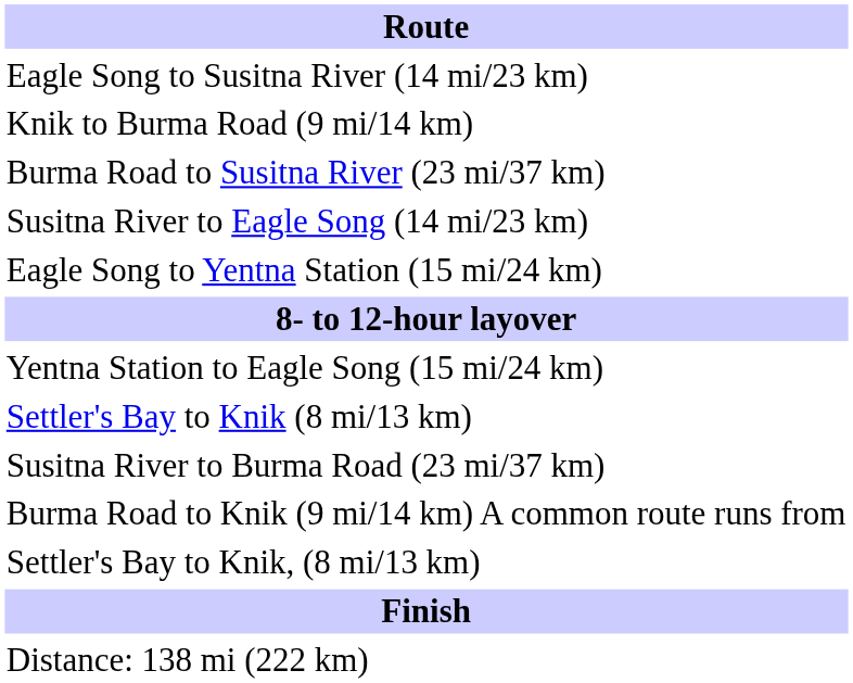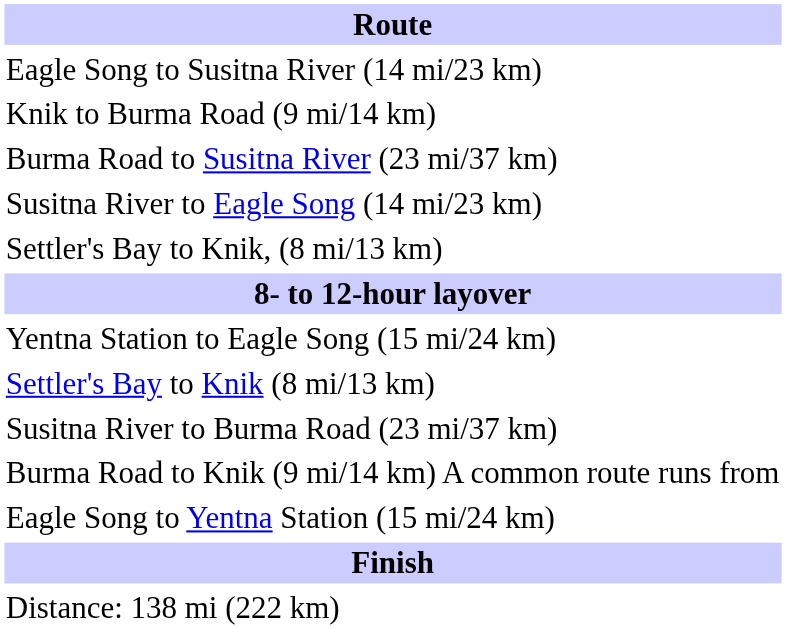 <table align="right" class="toccolours" style="margin: 0 .4em; font-size: 95%">
 <tr>
 <th align=center style="background: #ccf">Route</th>
 </tr>
 <tr>
 <td>Eagle Song to Susitna River (14 mi/23 km)</td>
 </tr>
 <tr>
 <td>Knik to Burma Road (9 mi/14 km)</td>
 </tr>
 <tr>
 <td>Burma Road to <a href='#'>Susitna River</a> (23 mi/37 km)</td>
 </tr>
 <tr>
 <td>Susitna River to <a href='#'>Eagle Song</a> (14 mi/23 km)</td>
 </tr>
 <tr>
-<td>Eagle Song to <a href='#'>Yentna</a> Station (15 mi/24 km)</td>
+<td>Settler's Bay to Knik, (8 mi/13 km)</td>
 </tr>
 <tr>
 <th align=center style="background: #ccf">8- to 12-hour layover</th>
 </tr>
 <tr>
 <td>Yentna Station to Eagle Song (15 mi/24 km)</td>
 </tr>
 <tr>
 <td><a href='#'>Settler's Bay</a> to <a href='#'>Knik</a> (8 mi/13 km)</td>
 </tr>
 <tr>
 <td>Susitna River to Burma Road (23 mi/37 km)</td>
 </tr>
 <tr>
 <td>Burma Road to Knik (9 mi/14 km) A common route runs from</td>
 </tr>
 <tr>
-<td>Settler's Bay to Knik, (8 mi/13 km)</td>
+<td>Eagle Song to <a href='#'>Yentna</a> Station (15 mi/24 km)</td>
 </tr>
 <tr>
 <th align=center style="background: #ccf">Finish</th>
 </tr>
 <tr>
 <td>Distance: 138 mi (222 km)</td>
 </tr>
 </table>
